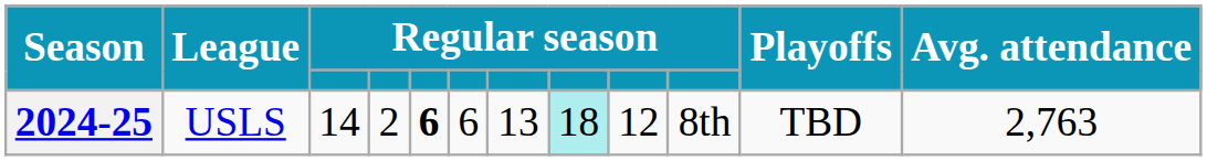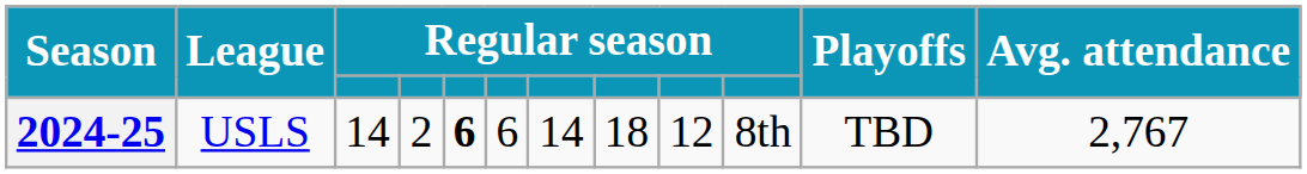 <table class="wikitable" style="text-align: center;">
 <tr>
 <th rowspan=2 style="background:#0B96B7; color:#FFFFFF;" scope=col>Season</th>
 <th rowspan=2 style="background:#0B96B7; color:#FFFFFF;" scope=col>League</th>
 <th colspan=8 style="background:#0B96B7; color:#FFFFFF;">Regular season</th>
 <th rowspan=2 style="background:#0B96B7; color:#FFFFFF;" scope=col>Playoffs</th>
 <th rowspan=2 style="background:#0B96B7; color:#FFFFFF;">Avg. attendance</th>
 </tr>
 <tr>
 <th style="background:#0B96B7; color:#FFFFFF;" scope=col></th>
 <th style="background:#0B96B7; color:#FFFFFF;" scope=col></th>
 <th style="background:#0B96B7; color:#FFFFFF;" scope=col></th>
 <th style="background:#0B96B7; color:#FFFFFF;" scope=col></th>
 <th style="background:#0B96B7; color:#FFFFFF;" scope=col></th>
 <th style="background:#0B96B7; color:#FFFFFF;" scope=col></th>
 <th style="background:#0B96B7; color:#FFFFFF;" scope=col></th>
 <th style="background:#0B96B7; color:#FFFFFF;" scope=col></th>
 </tr>
 <tr>
 <th><a href='#'>2024-25</a></th>
 <td><a href='#'>USLS</a></td>
 <td>14</td>
 <td>2</td>
 <td><strong>6</strong></td>
 <td>6</td>
-<td>13</td>
-<td style="background: paleturquoise;">18</td>
+<td>14</td>
+<td>18</td>
 <td>12</td>
 <td>8th</td>
 <td>TBD</td>
-<td>2,763</td>
+<td>2,767</td>
 </tr>
 </table>
